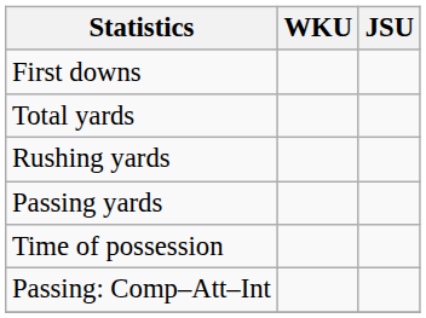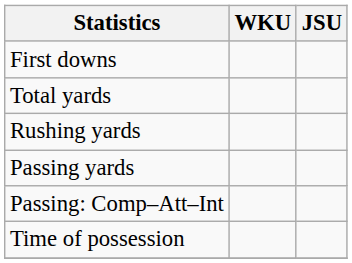 <table class="wikitable" style="float: left;">
 <tr>
 <th>Statistics</th>
 <th>WKU</th>
 <th>JSU</th>
 </tr>
 <tr>
 <td>First downs</td>
 <td></td>
 <td></td>
 </tr>
 <tr>
 <td>Total yards</td>
 <td></td>
 <td></td>
 </tr>
 <tr>
 <td>Rushing yards</td>
 <td></td>
 <td></td>
 </tr>
 <tr>
 <td>Passing yards</td>
 <td></td>
 <td></td>
 </tr>
 <tr>
-<td>Time of possession</td>
+<td>Passing: Comp–Att–Int</td>
 <td></td>
 <td></td>
 </tr>
 <tr>
-<td>Passing: Comp–Att–Int</td>
+<td>Time of possession</td>
 <td></td>
 <td></td>
 </tr>
 <tr>
 </tr>
 </table>
